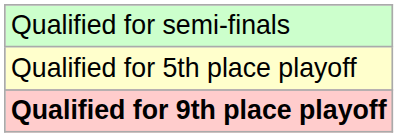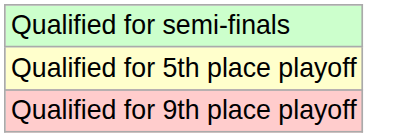 <table class="wikitable">
 <tr>
 <td style="background:#cfc;">Qualified for semi-finals</td>
 </tr>
 <tr>
 <td style="background:#ffc;">Qualified for 5th place playoff</td>
 </tr>
 <tr>
-<td style="background:#fcc;"><strong>Qualified for 9th place playoff</strong></td>
+<td style="background:#fcc;">Qualified for 9th place playoff</td>
 </tr>
 </table>
